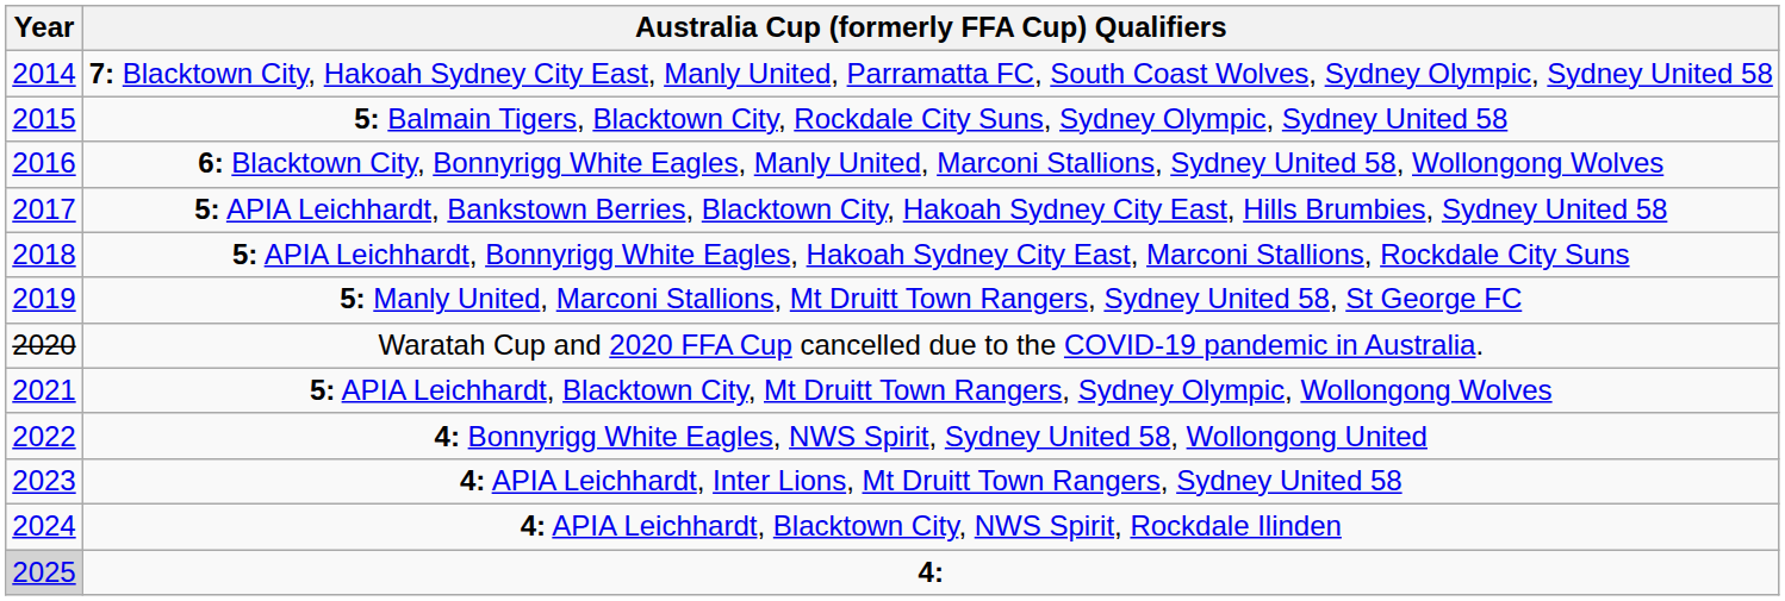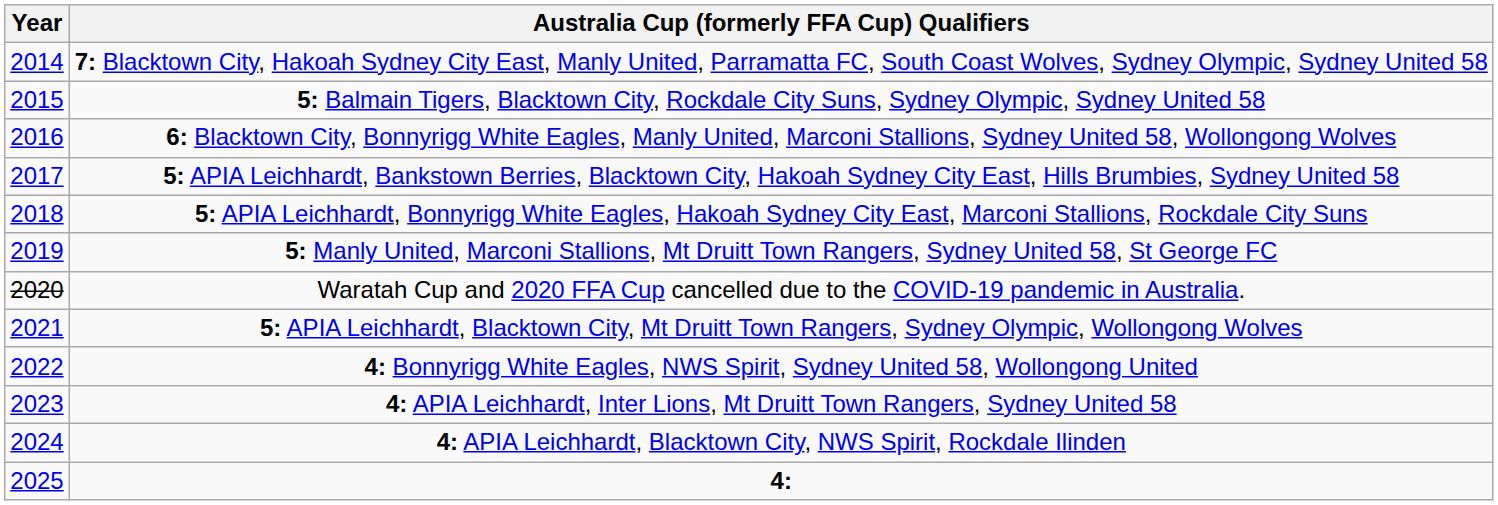 <table class="wikitable" style="text-align:center">
 <tr>
 <th>Year</th>
 <th>Australia Cup (formerly FFA Cup) Qualifiers</th>
 </tr>
 <tr>
 <td><a href='#'>2014</a></td>
 <td><strong>7:</strong> <a href='#'>Blacktown City</a>, <a href='#'>Hakoah Sydney City East</a>, <a href='#'>Manly United</a>, <a href='#'>Parramatta FC</a>, <a href='#'>South Coast Wolves</a>, <a href='#'>Sydney Olympic</a>, <a href='#'>Sydney United 58</a></td>
 </tr>
 <tr>
 <td><a href='#'>2015</a></td>
 <td><strong>5:</strong> <a href='#'>Balmain Tigers</a>, <a href='#'>Blacktown City</a>, <a href='#'>Rockdale City Suns</a>, <a href='#'>Sydney Olympic</a>, <a href='#'>Sydney United 58</a></td>
 </tr>
 <tr>
 <td><a href='#'>2016</a></td>
 <td><strong>6:</strong> <a href='#'>Blacktown City</a>, <a href='#'>Bonnyrigg White Eagles</a>, <a href='#'>Manly United</a>, <a href='#'>Marconi Stallions</a>, <a href='#'>Sydney United 58</a>, <a href='#'>Wollongong Wolves</a></td>
 </tr>
 <tr>
 <td><a href='#'>2017</a></td>
 <td><strong>5:</strong> <a href='#'>APIA Leichhardt</a>, <a href='#'>Bankstown Berries</a>, <a href='#'>Blacktown City</a>, <a href='#'>Hakoah Sydney City East</a>, <a href='#'>Hills Brumbies</a>, <a href='#'>Sydney United 58</a> </td>
 </tr>
 <tr>
 <td><a href='#'>2018</a></td>
 <td><strong>5:</strong> <a href='#'>APIA Leichhardt</a>, <a href='#'>Bonnyrigg White Eagles</a>, <a href='#'>Hakoah Sydney City East</a>,  <a href='#'>Marconi Stallions</a>, <a href='#'>Rockdale City Suns</a></td>
 </tr>
 <tr>
 <td><a href='#'>2019</a></td>
 <td><strong>5:</strong> <a href='#'>Manly United</a>, <a href='#'>Marconi Stallions</a>, <a href='#'>Mt Druitt Town Rangers</a>, <a href='#'>Sydney United 58</a>, <a href='#'>St George FC</a></td>
 </tr>
 <tr>
 <td><s>2020</s></td>
 <td>Waratah Cup and <a href='#'>2020 FFA Cup</a> cancelled due to the <a href='#'>COVID-19 pandemic in Australia</a>.</td>
 </tr>
 <tr>
 <td><a href='#'>2021</a></td>
 <td><strong>5:</strong> <a href='#'>APIA Leichhardt</a>, <a href='#'>Blacktown City</a>, <a href='#'>Mt Druitt Town Rangers</a>, <a href='#'>Sydney Olympic</a>, <a href='#'>Wollongong Wolves</a></td>
 </tr>
 <tr>
 <td><a href='#'>2022</a></td>
 <td><strong>4:</strong> <a href='#'>Bonnyrigg White Eagles</a>, <a href='#'>NWS Spirit</a>, <a href='#'>Sydney United 58</a>, <a href='#'>Wollongong United</a></td>
 </tr>
 <tr>
 <td><a href='#'>2023</a></td>
 <td><strong>4:</strong> <a href='#'>APIA Leichhardt</a>, <a href='#'>Inter Lions</a>, <a href='#'>Mt Druitt Town Rangers</a>, <a href='#'>Sydney United 58</a></td>
 </tr>
 <tr>
 <td><a href='#'>2024</a></td>
 <td><strong>4:</strong> <a href='#'>APIA Leichhardt</a>, <a href='#'>Blacktown City</a>, <a href='#'>NWS Spirit</a>, <a href='#'>Rockdale Ilinden</a></td>
 </tr>
 <tr>
-<td style="background: lightgrey;"><a href='#'>2025</a></td>
+<td><a href='#'>2025</a></td>
 <td><strong>4:</strong></td>
 </tr>
 </table>
